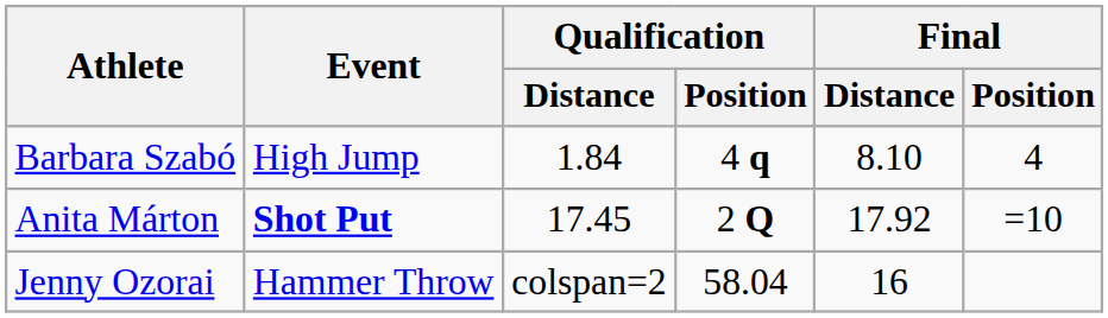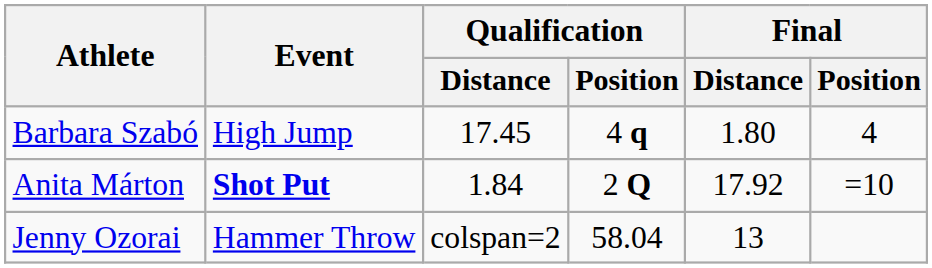 <table class=wikitable style="font-size:90%">
 <tr>
 <th rowspan="2">Athlete</th>
 <th rowspan="2">Event</th>
 <th colspan="2">Qualification</th>
 <th colspan="2">Final</th>
 </tr>
 <tr style="font-size:95%">
 <th>Distance</th>
 <th>Position</th>
 <th>Distance</th>
 <th>Position</th>
 </tr>
 <tr align=center>
 <td align=left><a href='#'>Barbara Szabó</a></td>
 <td align=left><a href='#'>High Jump</a></td>
-<td>1.84</td>
+<td>17.45</td>
 <td>4 <strong>q</strong></td>
-<td>8.10</td>
+<td>1.80</td>
 <td>4</td>
 </tr>
 <tr align=center>
 <td align=left><a href='#'>Anita Márton</a></td>
 <td align=left><strong><a href='#'>Shot Put</a></strong></td>
-<td>17.45</td>
+<td>1.84</td>
 <td>2 <strong>Q</strong></td>
 <td>17.92</td>
 <td>=10</td>
 </tr>
 <tr align=center>
 <td align=left><a href='#'>Jenny Ozorai</a></td>
 <td align=left><a href='#'>Hammer Throw</a></td>
 <td>colspan=2 </td>
 <td>58.04</td>
-<td>16</td>
+<td>13</td>
 </tr>
 </table>
